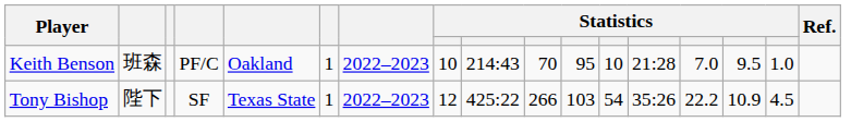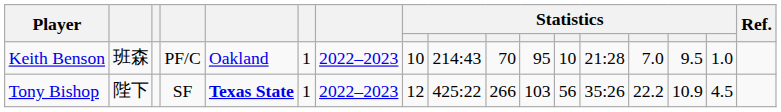 <table class="wikitable sortable" style="font-size:95%; text-align:right;">
 <tr>
 <th rowspan="2">Player</th>
 <th rowspan="2"></th>
 <th rowspan="2"></th>
 <th rowspan="2"></th>
 <th rowspan="2"></th>
 <th rowspan="2"></th>
 <th rowspan="2"></th>
 <th colspan="9">Statistics</th>
 <th rowspan="2">Ref.</th>
 </tr>
 <tr>
 <th></th>
 <th></th>
 <th></th>
 <th></th>
 <th></th>
 <th></th>
 <th></th>
 <th></th>
 <th></th>
 </tr>
 <tr>
 <td align="left"><a href='#'>Keith Benson</a></td>
 <td align="left">班森</td>
 <td align="center"></td>
 <td align="center">PF/C</td>
 <td align="left"><a href='#'>Oakland</a></td>
 <td align="center">1</td>
 <td align="center"><a href='#'>2022–2023</a></td>
 <td>10</td>
 <td>214:43</td>
 <td>70</td>
 <td>95</td>
 <td>10</td>
 <td>21:28</td>
 <td>7.0</td>
 <td>9.5</td>
 <td>1.0</td>
 <td align="center"></td>
 </tr>
 <tr>
 <td align="left"><a href='#'>Tony Bishop</a></td>
 <td align="left">陛下</td>
 <td align="center"></td>
 <td align="center">SF</td>
-<td align="left"><a href='#'>Texas State</a></td>
+<td align="left"><strong><a href='#'>Texas State</a></strong></td>
 <td align="center">1</td>
 <td align="center"><a href='#'>2022–2023</a></td>
 <td>12</td>
 <td>425:22</td>
 <td>266</td>
 <td>103</td>
-<td>54</td>
+<td>56</td>
 <td>35:26</td>
 <td>22.2</td>
 <td>10.9</td>
 <td>4.5</td>
 <td align="center"></td>
 </tr>
 </table>
